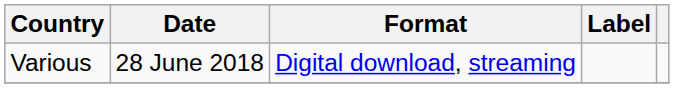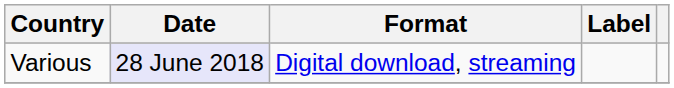 <table class="wikitable">
 <tr>
 <th>Country</th>
 <th>Date</th>
 <th>Format</th>
 <th>Label</th>
 <th></th>
 </tr>
 <tr>
 <td rowspan="1">Various</td>
-<td>28 June 2018</td>
+<td style="background: lavender;">28 June 2018</td>
 <td rowspan="1"><a href='#'>Digital download</a>, <a href='#'>streaming</a></td>
 <td rowspan="1"></td>
 <td></td>
 </tr>
 <tr>
 </tr>
 </table>
